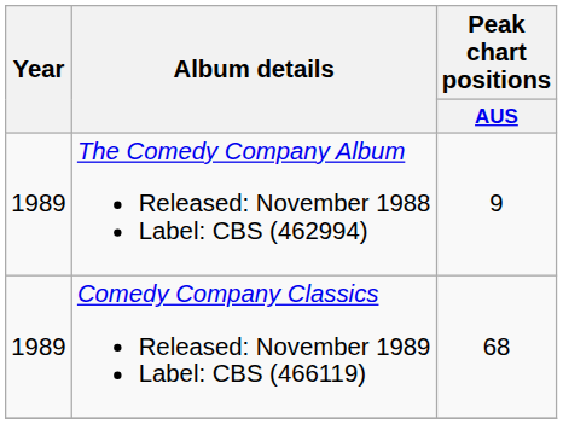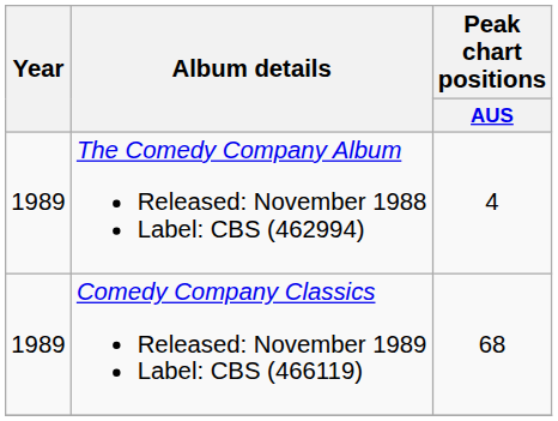 <table class="wikitable" style="text-align:center;">
 <tr>
 <th rowspan="2">Year</th>
 <th rowspan="2">Album details</th>
 <th>Peak chart positions</th>
 </tr>
 <tr style="font-size:smaller;">
 <th style="width:40px;"><a href='#'>AUS</a><br></th>
 </tr>
 <tr>
 <td>1989</td>
 <td align="left"><em><a href='#'>The Comedy Company Album</a></em><br><ul><li>Released: November 1988</li><li>Label: CBS (462994)</li></ul></td>
-<td>9</td>
+<td>4</td>
 </tr>
 <tr>
 <td>1989</td>
 <td align="left"><em><a href='#'>Comedy Company Classics</a></em><br><ul><li>Released: November 1989</li><li>Label: CBS (466119)</li></ul></td>
 <td>68</td>
 </tr>
 <tr>
 </tr>
 </table>
